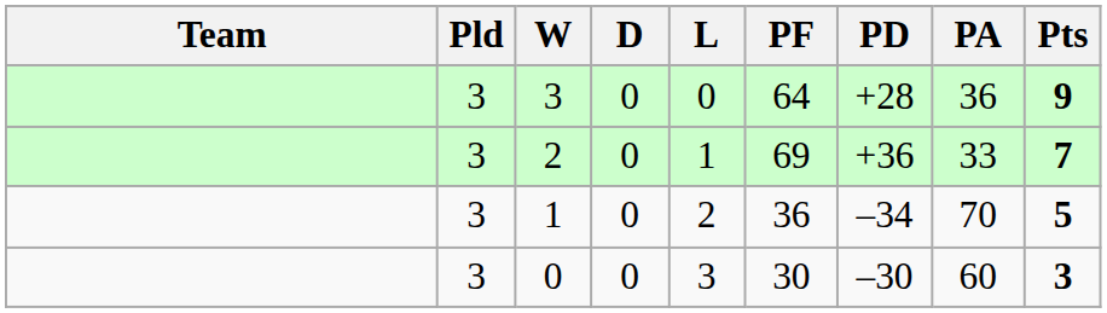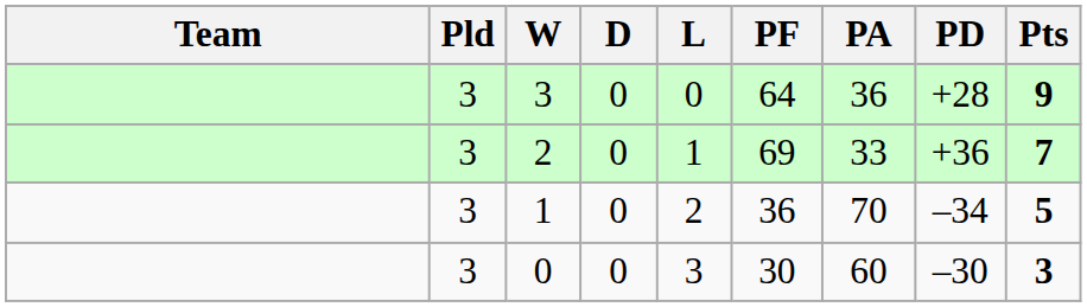 <table class="wikitable" style="text-align:center;">
 <tr>
 <th width=175>Team</th>
 <th width=25 abbr="Played">Pld</th>
 <th width=25 abbr="Won">W</th>
 <th width=25 abbr="Drawn">D</th>
 <th width=25 abbr="Lost">L</th>
 <th width=32 abbr="Points for">PF</th>
+<th width=32 abbr="Points against">PA</th>
 <th width=32 abbr="Points difference">PD</th>
-<th width=32 abbr="Points against">PA</th>
 <th width=25 abbr="Points">Pts</th>
 </tr>
 <tr bgcolor=ccffcc>
 <td align=left></td>
 <td>3</td>
 <td>3</td>
 <td>0</td>
 <td>0</td>
 <td>64</td>
+<td>36</td>
 <td>+28</td>
-<td>36</td>
 <td><strong>9</strong></td>
 </tr>
 <tr bgcolor=ccffcc>
 <td align=left></td>
 <td>3</td>
 <td>2</td>
 <td>0</td>
 <td>1</td>
 <td>69</td>
+<td>33</td>
 <td>+36</td>
-<td>33</td>
 <td><strong>7</strong></td>
 </tr>
 <tr>
 <td align=left></td>
 <td>3</td>
 <td>1</td>
 <td>0</td>
 <td>2</td>
 <td>36</td>
+<td>70</td>
 <td>–34</td>
-<td>70</td>
 <td><strong>5</strong></td>
 </tr>
 <tr>
 <td align=left></td>
 <td>3</td>
 <td>0</td>
 <td>0</td>
 <td>3</td>
 <td>30</td>
+<td>60</td>
 <td>–30</td>
-<td>60</td>
 <td><strong>3</strong></td>
 </tr>
 </table>
